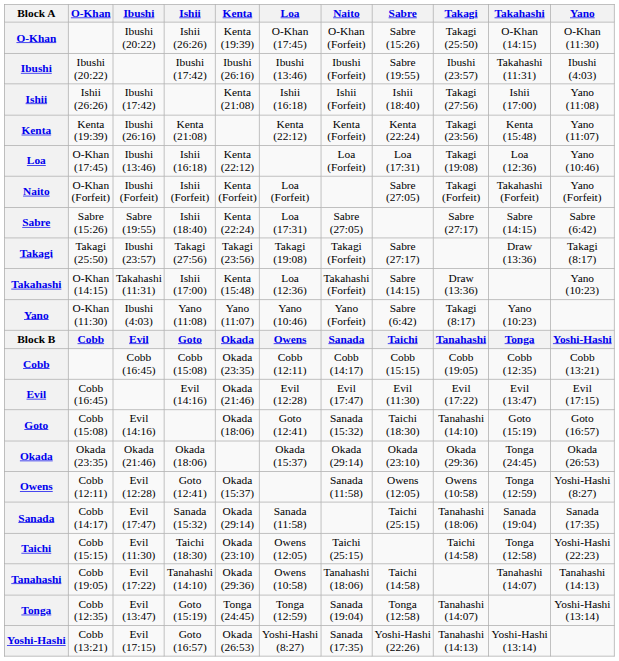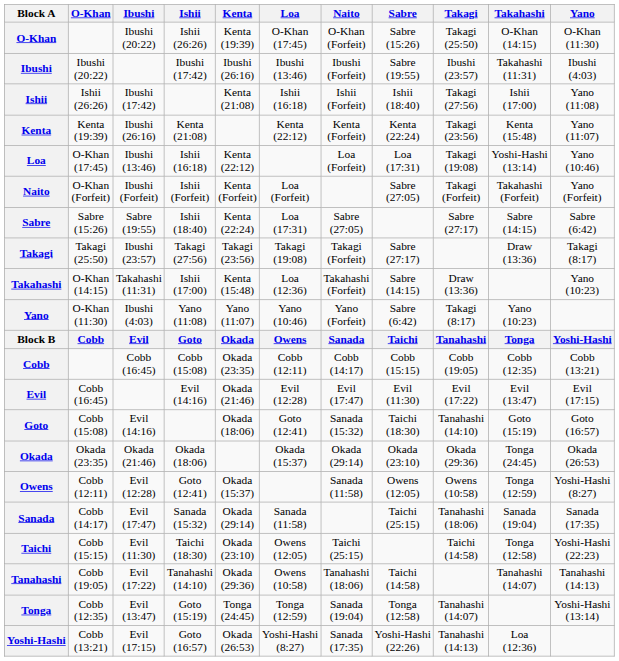 <table class="wikitable" align="center" style="margin: 1em auto 1em auto">
 <tr>
 <th>Block A</th>
 <th><a href='#'>O-Khan</a></th>
 <th><a href='#'>Ibushi</a></th>
 <th><a href='#'>Ishii</a></th>
 <th><a href='#'>Kenta</a></th>
 <th><a href='#'>Loa</a></th>
 <th><a href='#'>Naito</a></th>
 <th><a href='#'>Sabre</a></th>
 <th><a href='#'>Takagi</a></th>
 <th><a href='#'>Takahashi</a></th>
 <th><a href='#'>Yano</a></th>
 </tr>
 <tr align="center">
 <th><a href='#'>O-Khan</a></th>
 <td></td>
 <td>Ibushi<br>(20:22)</td>
 <td>Ishii<br>(26:26)</td>
 <td>Kenta<br>(19:39)</td>
 <td>O-Khan<br>(17:45)</td>
 <td>O-Khan<br>(Forfeit)</td>
 <td>Sabre<br>(15:26)</td>
 <td>Takagi<br>(25:50)</td>
 <td>O-Khan<br>(14:15)</td>
 <td>O-Khan<br>(11:30)</td>
 </tr>
 <tr align="center">
 <th><a href='#'>Ibushi</a></th>
 <td>Ibushi<br>(20:22)</td>
 <td></td>
 <td>Ibushi<br>(17:42)</td>
 <td>Ibushi<br>(26:16)</td>
 <td>Ibushi<br>(13:46)</td>
 <td>Ibushi<br>(Forfeit)</td>
 <td>Sabre<br>(19:55)</td>
 <td>Ibushi<br>(23:57)</td>
 <td>Takahashi<br>(11:31)</td>
 <td>Ibushi<br>(4:03)</td>
 </tr>
 <tr align="center">
 <th><a href='#'>Ishii</a></th>
 <td>Ishii<br>(26:26)</td>
 <td>Ibushi<br>(17:42)</td>
 <td></td>
 <td>Kenta<br>(21:08)</td>
 <td>Ishii<br>(16:18)</td>
 <td>Ishii<br>(Forfeit)</td>
 <td>Ishii<br>(18:40)</td>
 <td>Takagi<br>(27:56)</td>
 <td>Ishii<br>(17:00)</td>
 <td>Yano<br>(11:08)</td>
 </tr>
 <tr align="center">
 <th><a href='#'>Kenta</a></th>
 <td>Kenta<br>(19:39)</td>
 <td>Ibushi<br>(26:16)</td>
 <td>Kenta<br>(21:08)</td>
 <td></td>
 <td>Kenta<br>(22:12)</td>
 <td>Kenta<br>(Forfeit)</td>
 <td>Kenta<br>(22:24)</td>
 <td>Takagi<br>(23:56)</td>
 <td>Kenta<br>(15:48)</td>
 <td>Yano<br>(11:07)</td>
 </tr>
 <tr align="center">
 <th><a href='#'>Loa</a></th>
 <td>O-Khan<br>(17:45)</td>
 <td>Ibushi<br>(13:46)</td>
 <td>Ishii<br>(16:18)</td>
 <td>Kenta<br>(22:12)</td>
 <td></td>
 <td>Loa<br>(Forfeit)</td>
 <td>Loa<br>(17:31)</td>
 <td>Takagi<br>(19:08)</td>
-<td>Loa<br>(12:36)</td>
+<td>Yoshi-Hashi<br>(13:14)</td>
 <td>Yano<br>(10:46)</td>
 </tr>
 <tr align="center">
 <th><a href='#'>Naito</a></th>
 <td>O-Khan<br>(Forfeit)</td>
 <td>Ibushi<br>(Forfeit)</td>
 <td>Ishii<br>(Forfeit)</td>
 <td>Kenta<br>(Forfeit)</td>
 <td>Loa<br>(Forfeit)</td>
 <td></td>
 <td>Sabre<br>(27:05)</td>
 <td>Takagi<br>(Forfeit)</td>
 <td>Takahashi<br>(Forfeit)</td>
 <td>Yano<br>(Forfeit)</td>
 </tr>
 <tr align="center">
 <th><a href='#'>Sabre</a></th>
 <td>Sabre<br>(15:26)</td>
 <td>Sabre<br>(19:55)</td>
 <td>Ishii<br>(18:40)</td>
 <td>Kenta<br>(22:24)</td>
 <td>Loa<br>(17:31)</td>
 <td>Sabre<br>(27:05)</td>
 <td></td>
 <td>Sabre<br>(27:17)</td>
 <td>Sabre<br>(14:15)</td>
 <td>Sabre<br>(6:42)</td>
 </tr>
 <tr align="center">
 <th><a href='#'>Takagi</a></th>
 <td>Takagi<br>(25:50)</td>
 <td>Ibushi<br>(23:57)</td>
 <td>Takagi<br>(27:56)</td>
 <td>Takagi<br>(23:56)</td>
 <td>Takagi<br>(19:08)</td>
 <td>Takagi<br>(Forfeit)</td>
 <td>Sabre<br>(27:17)</td>
 <td></td>
 <td>Draw<br>(13:36)</td>
 <td>Takagi<br>(8:17)</td>
 </tr>
 <tr align="center">
 <th><a href='#'>Takahashi</a></th>
 <td>O-Khan<br>(14:15)</td>
 <td>Takahashi<br>(11:31)</td>
 <td>Ishii<br>(17:00)</td>
 <td>Kenta<br>(15:48)</td>
 <td>Loa<br>(12:36)</td>
 <td>Takahashi<br>(Forfeit)</td>
 <td>Sabre<br>(14:15)</td>
 <td>Draw<br>(13:36)</td>
 <td></td>
 <td>Yano<br>(10:23)</td>
 </tr>
 <tr align="center">
 <th><a href='#'>Yano</a></th>
 <td>O-Khan<br>(11:30)</td>
 <td>Ibushi<br>(4:03)</td>
 <td>Yano<br>(11:08)</td>
 <td>Yano<br>(11:07)</td>
 <td>Yano<br>(10:46)</td>
 <td>Yano<br>(Forfeit)</td>
 <td>Sabre<br>(6:42)</td>
 <td>Takagi<br>(8:17)</td>
 <td>Yano<br>(10:23)</td>
 <td></td>
 </tr>
 <tr align="center">
 <th>Block B</th>
 <th><a href='#'>Cobb</a></th>
 <th><a href='#'>Evil</a></th>
 <th><a href='#'>Goto</a></th>
 <th><a href='#'>Okada</a></th>
 <th><a href='#'>Owens</a></th>
 <th><a href='#'>Sanada</a></th>
 <th><a href='#'>Taichi</a></th>
 <th><a href='#'>Tanahashi</a></th>
 <th><a href='#'>Tonga</a></th>
 <th><a href='#'>Yoshi-Hashi</a></th>
 </tr>
 <tr align="center">
 <th><a href='#'>Cobb</a></th>
 <td></td>
 <td>Cobb<br>(16:45)</td>
 <td>Cobb<br>(15:08)</td>
 <td>Okada<br>(23:35)</td>
 <td>Cobb<br>(12:11)</td>
 <td>Cobb<br>(14:17)</td>
 <td>Cobb<br>(15:15)</td>
 <td>Cobb<br>(19:05)</td>
 <td>Cobb<br>(12:35)</td>
 <td>Cobb<br>(13:21)</td>
 </tr>
 <tr align="center">
 <th><a href='#'>Evil</a></th>
 <td>Cobb<br>(16:45)</td>
 <td></td>
 <td>Evil<br>(14:16)</td>
 <td>Okada<br>(21:46)</td>
 <td>Evil<br>(12:28)</td>
 <td>Evil<br>(17:47)</td>
 <td>Evil<br>(11:30)</td>
 <td>Evil<br>(17:22)</td>
 <td>Evil<br>(13:47)</td>
 <td>Evil<br>(17:15)</td>
 </tr>
 <tr align="center">
 <th><a href='#'>Goto</a></th>
 <td>Cobb<br>(15:08)</td>
 <td>Evil<br>(14:16)</td>
 <td></td>
 <td>Okada<br>(18:06)</td>
 <td>Goto<br>(12:41)</td>
 <td>Sanada<br>(15:32)</td>
 <td>Taichi<br>(18:30)</td>
 <td>Tanahashi<br>(14:10)</td>
 <td>Goto<br>(15:19)</td>
 <td>Goto<br>(16:57)</td>
 </tr>
 <tr align="center">
 <th><a href='#'>Okada</a></th>
 <td>Okada<br>(23:35)</td>
 <td>Okada<br>(21:46)</td>
 <td>Okada<br>(18:06)</td>
 <td></td>
 <td>Okada<br>(15:37)</td>
 <td>Okada<br>(29:14)</td>
 <td>Okada<br>(23:10)</td>
 <td>Okada<br>(29:36)</td>
 <td>Tonga<br>(24:45)</td>
 <td>Okada<br>(26:53)</td>
 </tr>
 <tr align="center">
 <th><a href='#'>Owens</a></th>
 <td>Cobb<br>(12:11)</td>
 <td>Evil<br>(12:28)</td>
 <td>Goto<br>(12:41)</td>
 <td>Okada<br>(15:37)</td>
 <td></td>
 <td>Sanada<br>(11:58)</td>
 <td>Owens<br>(12:05)</td>
 <td>Owens<br>(10:58)</td>
 <td>Tonga<br>(12:59)</td>
 <td>Yoshi-Hashi<br>(8:27)</td>
 </tr>
 <tr align="center">
 <th><a href='#'>Sanada</a></th>
 <td>Cobb<br>(14:17)</td>
 <td>Evil<br>(17:47)</td>
 <td>Sanada<br>(15:32)</td>
 <td>Okada<br>(29:14)</td>
 <td>Sanada<br>(11:58)</td>
 <td></td>
 <td>Taichi<br>(25:15)</td>
 <td>Tanahashi<br>(18:06)</td>
 <td>Sanada<br>(19:04)</td>
 <td>Sanada<br>(17:35)</td>
 </tr>
 <tr align="center">
 <th><a href='#'>Taichi</a></th>
 <td>Cobb<br>(15:15)</td>
 <td>Evil<br>(11:30)</td>
 <td>Taichi<br>(18:30)</td>
 <td>Okada<br>(23:10)</td>
 <td>Owens<br>(12:05)</td>
 <td>Taichi<br>(25:15)</td>
 <td></td>
 <td>Taichi<br>(14:58)</td>
 <td>Tonga<br>(12:58)</td>
 <td>Yoshi-Hashi<br>(22:23)</td>
 </tr>
 <tr align="center">
 <th><a href='#'>Tanahashi</a></th>
 <td>Cobb<br>(19:05)</td>
 <td>Evil<br>(17:22)</td>
 <td>Tanahashi<br>(14:10)</td>
 <td>Okada<br>(29:36)</td>
 <td>Owens<br>(10:58)</td>
 <td>Tanahashi<br>(18:06)</td>
 <td>Taichi<br>(14:58)</td>
 <td></td>
 <td>Tanahashi<br>(14:07)</td>
 <td>Tanahashi<br>(14:13)</td>
 </tr>
 <tr align="center">
 <th><a href='#'>Tonga</a></th>
 <td>Cobb<br>(12:35)</td>
 <td>Evil<br>(13:47)</td>
 <td>Goto<br>(15:19)</td>
 <td>Tonga<br>(24:45)</td>
 <td>Tonga<br>(12:59)</td>
 <td>Sanada<br>(19:04)</td>
 <td>Tonga<br>(12:58)</td>
 <td>Tanahashi<br>(14:07)</td>
 <td></td>
 <td>Yoshi-Hashi<br>(13:14)</td>
 </tr>
 <tr align="center">
 <th><a href='#'>Yoshi-Hashi</a></th>
 <td>Cobb<br>(13:21)</td>
 <td>Evil<br>(17:15)</td>
 <td>Goto<br>(16:57)</td>
 <td>Okada<br>(26:53)</td>
 <td>Yoshi-Hashi<br>(8:27)</td>
 <td>Sanada<br>(17:35)</td>
 <td>Yoshi-Hashi<br>(22:26)</td>
 <td>Tanahashi<br>(14:13)</td>
-<td>Yoshi-Hashi<br>(13:14)</td>
+<td>Loa<br>(12:36)</td>
 <td></td>
 </tr>
 </table>
